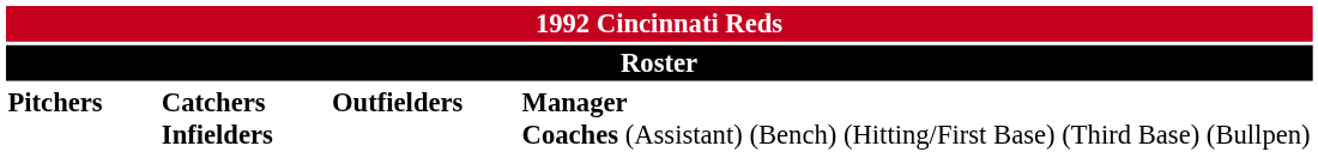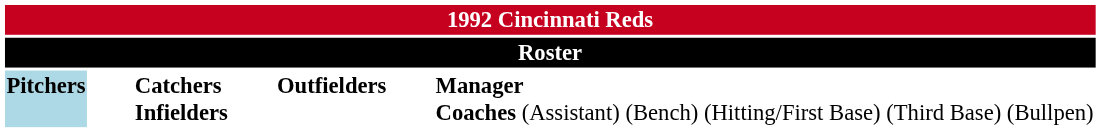 <table class="toccolours" style="font-size: 95%;">
 <tr>
 <th colspan="10" style="background:#c6011f; color:#fff; text-align:center;">1992 Cincinnati Reds</th>
 </tr>
 <tr>
 <td colspan="10" style="background:black; color:#fff; text-align:center;"><strong>Roster</strong></td>
 </tr>
 <tr>
-<td valign="top"><strong>Pitchers</strong><br>                </td>
+<td valign="top" style="background: lightblue;"><strong>Pitchers</strong><br>                </td>
 <td style="width:25px;"></td>
 <td valign="top"><strong>Catchers</strong><br>      <strong>Infielders</strong>          </td>
 <td style="width:25px;"></td>
 <td valign="top"><strong>Outfielders</strong><br>        </td>
 <td style="width:25px;"></td>
 <td valign="top"><strong>Manager</strong><br> <strong>Coaches</strong>  (Assistant)  (Bench)  (Hitting/First Base)  (Third Base)  (Bullpen)</td>
 </tr>
 </table>
